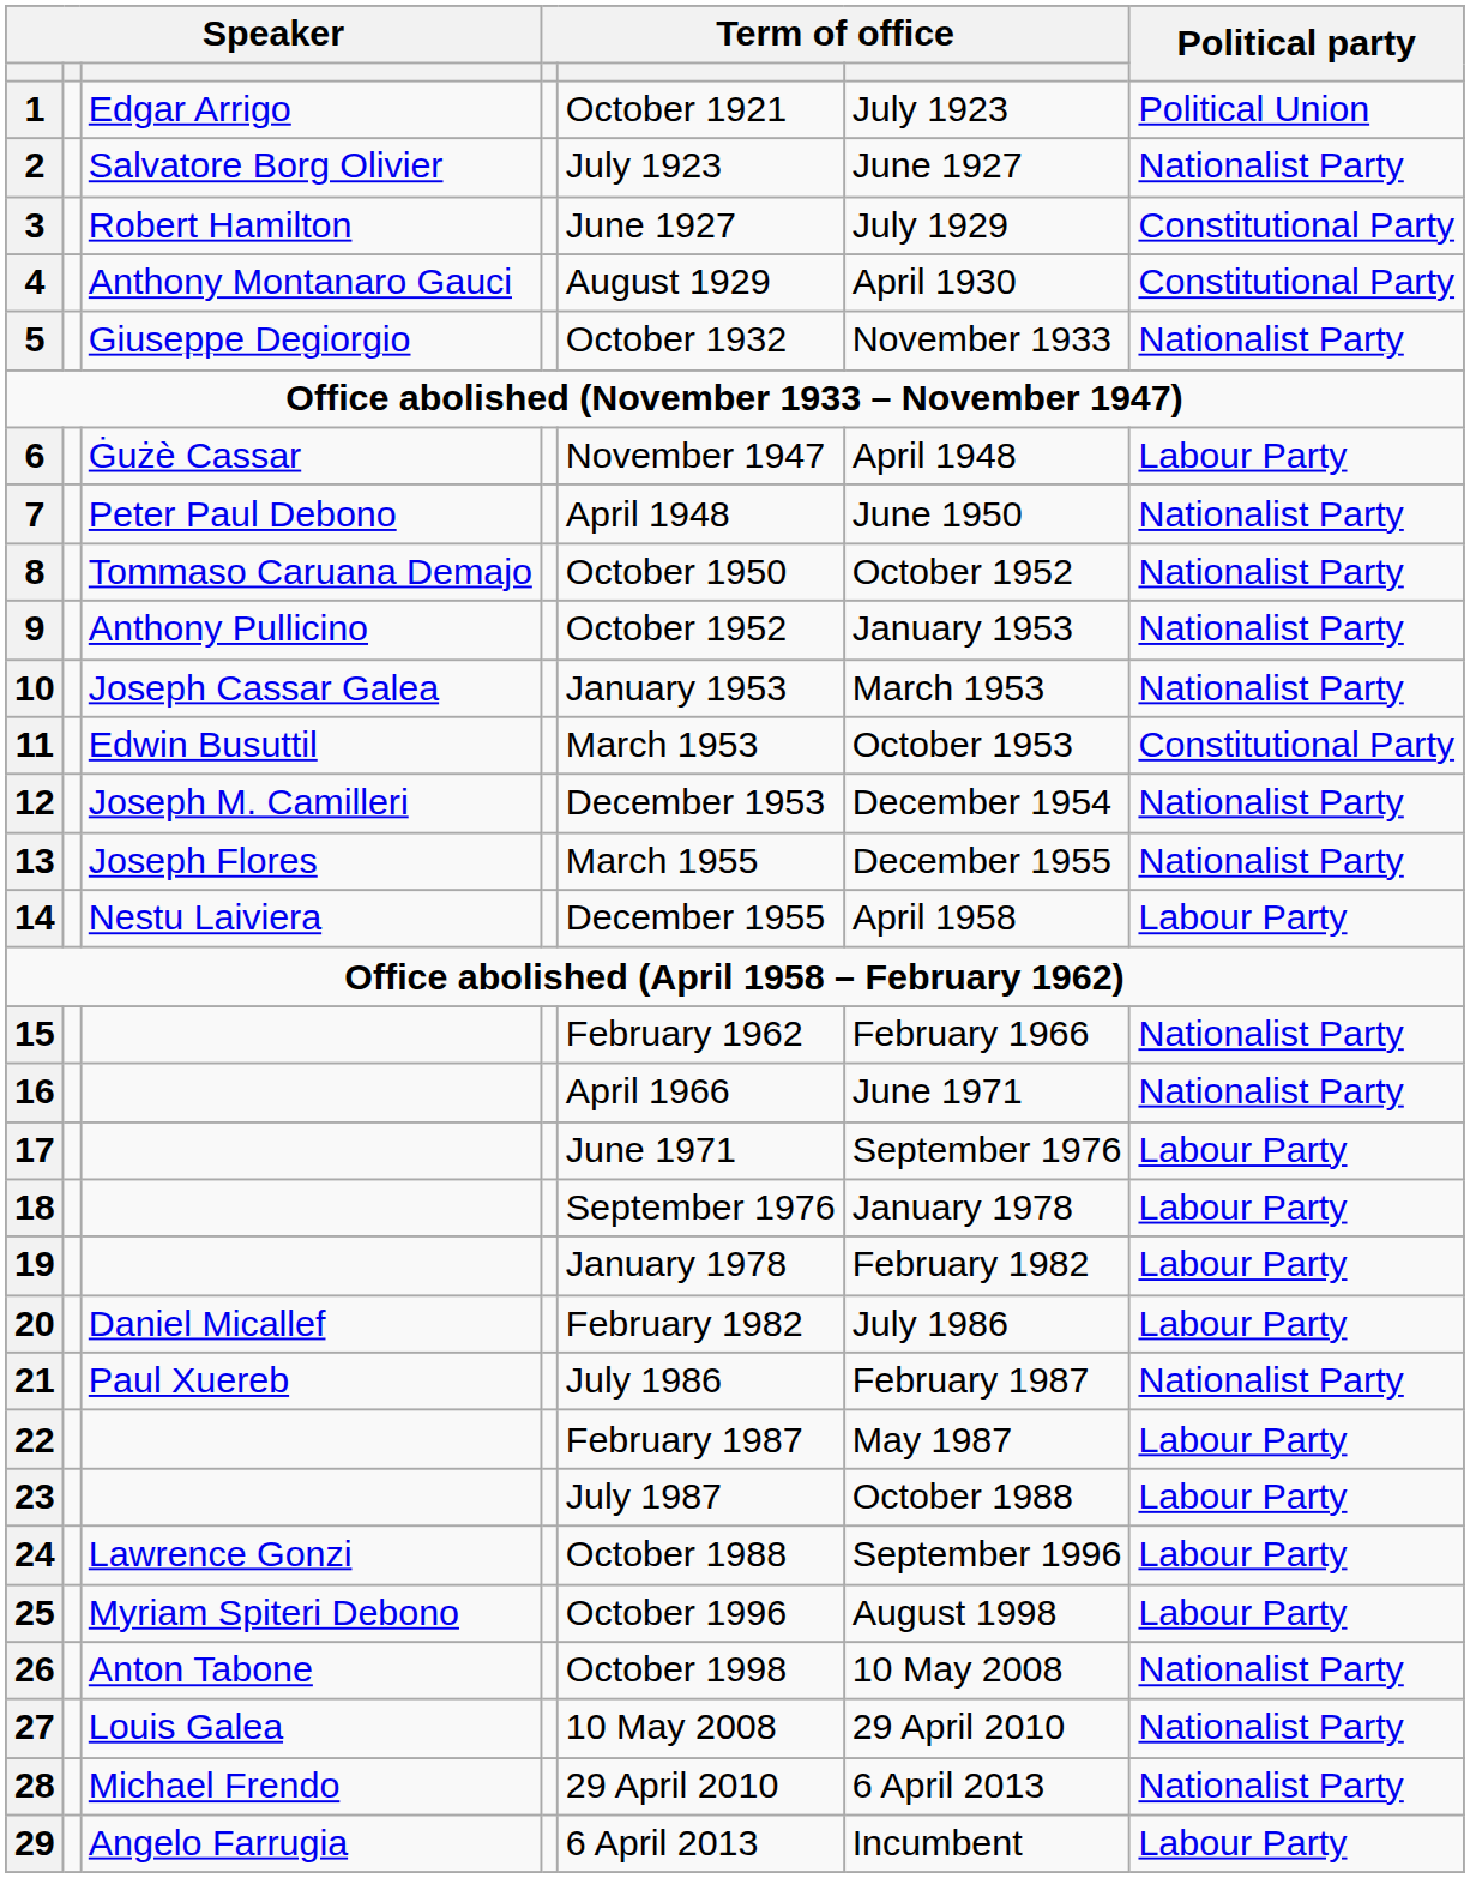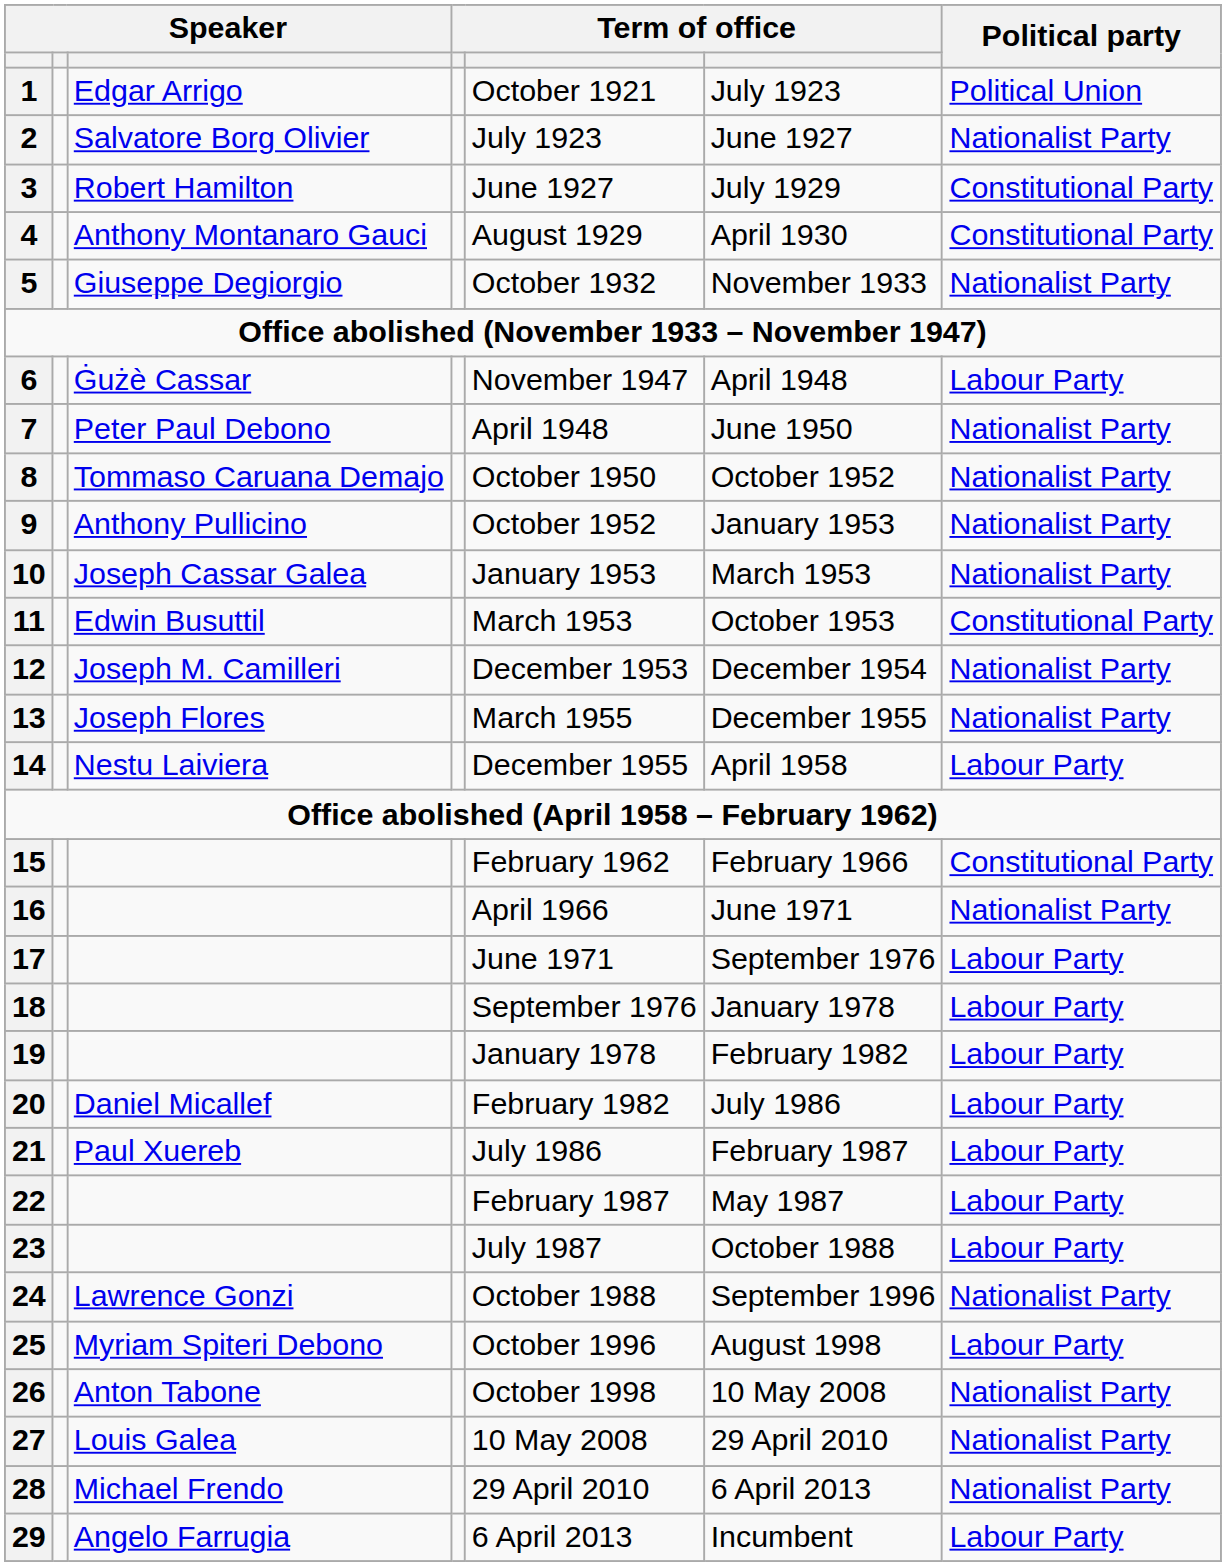 <table class="wikitable">
 <tr>
 <th colspan=3>Speaker</th>
 <th colspan=3>Term of office</th>
 <th rowspan=2>Political party</th>
 </tr>
 <tr>
 <th></th>
 <th></th>
 <th></th>
 <th></th>
 <th></th>
 <th></th>
 </tr>
 <tr>
 <th style="background:">1</th>
 <td></td>
 <td><a href='#'>Edgar Arrigo</a><br></td>
 <td></td>
 <td>October 1921</td>
 <td>July 1923</td>
 <td><a href='#'>Political Union</a></td>
 </tr>
 <tr>
 <th style="background:">2</th>
 <td></td>
 <td><a href='#'>Salvatore Borg Olivier</a><br></td>
 <td></td>
 <td>July 1923</td>
 <td>June 1927</td>
 <td><a href='#'>Nationalist Party</a></td>
 </tr>
 <tr>
 <th style="background:">3</th>
 <td></td>
 <td><a href='#'>Robert Hamilton</a><br></td>
 <td></td>
 <td>June 1927</td>
 <td>July 1929</td>
 <td><a href='#'>Constitutional Party</a></td>
 </tr>
 <tr>
 <th style="background:">4</th>
 <td></td>
 <td><a href='#'>Anthony Montanaro Gauci</a><br></td>
 <td></td>
 <td>August 1929</td>
 <td>April 1930</td>
 <td><a href='#'>Constitutional Party</a></td>
 </tr>
 <tr>
 <th style="background:">5</th>
 <td></td>
 <td><a href='#'>Giuseppe Degiorgio</a><br></td>
 <td></td>
 <td>October 1932</td>
 <td>November 1933</td>
 <td><a href='#'>Nationalist Party</a></td>
 </tr>
 <tr>
 <td colspan=7 align=center><strong>Office abolished (November 1933 – November 1947)</strong></td>
 </tr>
 <tr>
 <th style="background:">6</th>
 <td></td>
 <td><a href='#'>Ġużè Cassar</a><br></td>
 <td></td>
 <td>November 1947</td>
 <td>April 1948</td>
 <td><a href='#'>Labour Party</a></td>
 </tr>
 <tr>
 <th style="background:">7</th>
 <td></td>
 <td><a href='#'>Peter Paul Debono</a><br></td>
 <td></td>
 <td>April 1948</td>
 <td>June 1950</td>
 <td><a href='#'>Nationalist Party</a></td>
 </tr>
 <tr>
 <th style="background:">8</th>
 <td></td>
 <td><a href='#'>Tommaso Caruana Demajo</a><br></td>
 <td></td>
 <td>October 1950</td>
 <td>October 1952</td>
 <td><a href='#'>Nationalist Party</a></td>
 </tr>
 <tr>
 <th style="background:">9</th>
 <td></td>
 <td><a href='#'>Anthony Pullicino</a><br></td>
 <td></td>
 <td>October 1952</td>
 <td>January 1953</td>
 <td><a href='#'>Nationalist Party</a></td>
 </tr>
 <tr>
 <th style="background:">10</th>
 <td></td>
 <td><a href='#'>Joseph Cassar Galea</a><br></td>
 <td></td>
 <td>January 1953</td>
 <td>March 1953</td>
 <td><a href='#'>Nationalist Party</a></td>
 </tr>
 <tr>
 <th style="background:">11</th>
 <td></td>
 <td><a href='#'>Edwin Busuttil</a><br></td>
 <td></td>
 <td>March 1953</td>
 <td>October 1953</td>
 <td><a href='#'>Constitutional Party</a></td>
 </tr>
 <tr>
 <th style="background:">12</th>
 <td></td>
 <td><a href='#'>Joseph M. Camilleri</a><br></td>
 <td></td>
 <td>December 1953</td>
 <td>December 1954</td>
 <td><a href='#'>Nationalist Party</a></td>
 </tr>
 <tr>
 <th style="background:">13</th>
 <td></td>
 <td><a href='#'>Joseph Flores</a><br></td>
 <td></td>
 <td>March 1955</td>
 <td>December 1955</td>
 <td><a href='#'>Nationalist Party</a></td>
 </tr>
 <tr>
 <th style="background:">14</th>
 <td></td>
 <td><a href='#'>Nestu Laiviera</a><br></td>
 <td></td>
 <td>December 1955</td>
 <td>April 1958</td>
 <td><a href='#'>Labour Party</a></td>
 </tr>
 <tr>
 <td colspan=7 align=center><strong>Office abolished (April 1958 – February 1962)</strong></td>
 </tr>
 <tr>
 <th style="background:">15</th>
 <td></td>
 <td><br></td>
 <td></td>
 <td>February 1962</td>
 <td>February 1966</td>
-<td><a href='#'>Nationalist Party</a></td>
+<td><a href='#'>Constitutional Party</a></td>
 </tr>
 <tr>
 <th style="background:">16</th>
 <td></td>
 <td><br></td>
 <td></td>
 <td>April 1966</td>
 <td>June 1971</td>
 <td><a href='#'>Nationalist Party</a></td>
 </tr>
 <tr>
 <th style="background:">17</th>
 <td></td>
 <td><br></td>
 <td></td>
 <td>June 1971</td>
 <td>September 1976</td>
 <td><a href='#'>Labour Party</a></td>
 </tr>
 <tr>
 <th style="background:">18</th>
 <td></td>
 <td><br></td>
 <td></td>
 <td>September 1976</td>
 <td>January 1978</td>
 <td><a href='#'>Labour Party</a></td>
 </tr>
 <tr>
 <th style="background:">19</th>
 <td></td>
 <td><br></td>
 <td></td>
 <td>January 1978</td>
 <td>February 1982</td>
 <td><a href='#'>Labour Party</a></td>
 </tr>
 <tr>
 <th style="background:">20</th>
 <td></td>
 <td><a href='#'>Daniel Micallef</a><br></td>
 <td></td>
 <td>February 1982</td>
 <td>July 1986</td>
 <td><a href='#'>Labour Party</a></td>
 </tr>
 <tr>
 <th style="background:">21</th>
 <td></td>
 <td><a href='#'>Paul Xuereb</a><br></td>
 <td></td>
 <td>July 1986</td>
 <td>February 1987</td>
-<td><a href='#'>Nationalist Party</a></td>
+<td><a href='#'>Labour Party</a></td>
 </tr>
 <tr>
 <th style="background:">22</th>
 <td></td>
 <td><br></td>
 <td></td>
 <td>February 1987</td>
 <td>May 1987</td>
 <td><a href='#'>Labour Party</a></td>
 </tr>
 <tr>
 <th style="background:">23</th>
 <td></td>
 <td><br></td>
 <td></td>
 <td>July 1987</td>
 <td>October 1988</td>
 <td><a href='#'>Labour Party</a></td>
 </tr>
 <tr>
 <th style="background:">24</th>
 <td></td>
 <td><a href='#'>Lawrence Gonzi</a><br></td>
 <td></td>
 <td>October 1988</td>
 <td>September 1996</td>
-<td><a href='#'>Labour Party</a></td>
+<td><a href='#'>Nationalist Party</a></td>
 </tr>
 <tr>
 <th style="background:">25</th>
 <td></td>
 <td><a href='#'>Myriam Spiteri Debono</a><br></td>
 <td></td>
 <td>October 1996</td>
 <td>August 1998</td>
 <td><a href='#'>Labour Party</a></td>
 </tr>
 <tr>
 <th style="background:">26</th>
 <td></td>
 <td><a href='#'>Anton Tabone</a><br></td>
 <td></td>
 <td>October 1998</td>
 <td>10 May 2008</td>
 <td><a href='#'>Nationalist Party</a></td>
 </tr>
 <tr>
 <th style="background:">27</th>
 <td></td>
 <td><a href='#'>Louis Galea</a><br></td>
 <td></td>
 <td>10 May 2008</td>
 <td>29 April 2010</td>
 <td><a href='#'>Nationalist Party</a></td>
 </tr>
 <tr>
 <th style="background:">28</th>
 <td></td>
 <td><a href='#'>Michael Frendo</a><br></td>
 <td></td>
 <td>29 April 2010</td>
 <td>6 April 2013</td>
 <td><a href='#'>Nationalist Party</a></td>
 </tr>
 <tr>
 <th style="background:">29</th>
 <td></td>
 <td><a href='#'>Angelo Farrugia</a><br></td>
 <td></td>
 <td>6 April 2013</td>
 <td>Incumbent</td>
 <td><a href='#'>Labour Party</a></td>
 </tr>
 </table>
